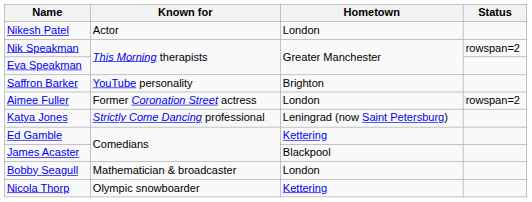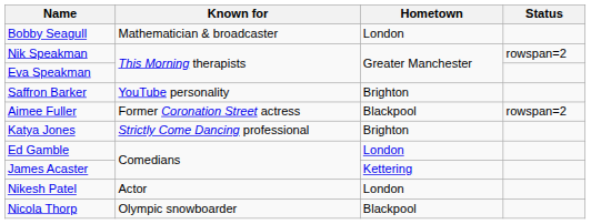 <table class="wikitable sortable" width=60%>
 <tr>
 <th>Name</th>
 <th>Known for</th>
 <th>Hometown</th>
 <th>Status</th>
 </tr>
 <tr>
-<td><a href='#'>Nikesh Patel</a></td>
-<td>Actor</td>
+<td><a href='#'>Bobby Seagull</a></td>
+<td>Mathematician & broadcaster</td>
 <td>London</td>
 <td></td>
 </tr>
 <tr>
 <td><a href='#'>Nik Speakman</a></td>
 <td rowspan="2"><em><a href='#'>This Morning</a></em> therapists</td>
 <td rowspan="2">Greater Manchester</td>
 <td>rowspan=2 </td>
 </tr>
 <tr>
 <td><a href='#'>Eva Speakman</a></td>
 </tr>
 <tr>
 <td><a href='#'>Saffron Barker</a></td>
 <td><a href='#'>YouTube</a> personality</td>
 <td>Brighton</td>
 <td></td>
 </tr>
 <tr>
 <td><a href='#'>Aimee Fuller</a></td>
 <td>Former <em><a href='#'>Coronation Street</a></em> actress</td>
-<td>London</td>
+<td>Blackpool</td>
 <td>rowspan=2 </td>
 </tr>
 <tr>
 <td><a href='#'>Katya Jones</a></td>
 <td><em><a href='#'>Strictly Come Dancing</a></em> professional</td>
-<td>Leningrad (now <a href='#'>Saint Petersburg</a>)</td>
+<td>Brighton</td>
 </tr>
 <tr>
 <td><a href='#'>Ed Gamble</a></td>
 <td rowspan="2">Comedians</td>
+<td><a href='#'>London</a></td>
+<td></td>
+</tr>
+<tr>
+<td><a href='#'>James Acaster</a></td>
 <td><a href='#'>Kettering</a></td>
 <td></td>
 </tr>
 <tr>
-<td><a href='#'>James Acaster</a></td>
-<td>Blackpool</td>
-<td></td>
-</tr>
-<tr>
-<td><a href='#'>Bobby Seagull</a></td>
-<td>Mathematician & broadcaster</td>
+<td><a href='#'>Nikesh Patel</a></td>
+<td>Actor</td>
 <td>London</td>
 <td></td>
 </tr>
 <tr>
 <td><a href='#'>Nicola Thorp</a></td>
 <td>Olympic snowboarder</td>
-<td><a href='#'>Kettering</a></td>
+<td>Blackpool</td>
 <td></td>
 </tr>
 </table>
